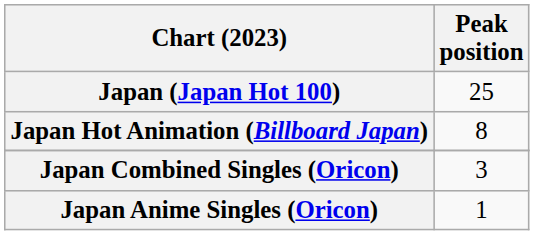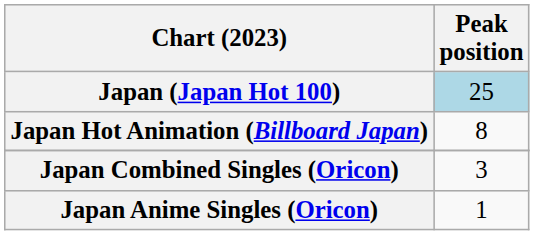 <table class="wikitable sortable plainrowheaders" style="text-align:center">
 <tr>
 <th scope="col">Chart (2023)</th>
 <th scope="col">Peak<br>position</th>
 </tr>
 <tr>
 <th scope="row">Japan (<a href='#'>Japan Hot 100</a>)</th>
-<td>25</td>
+<td style="background: lightblue;">25</td>
 </tr>
 <tr>
 <th scope="row">Japan Hot Animation (<em><a href='#'>Billboard Japan</a></em>)</th>
 <td>8</td>
 </tr>
 <tr>
 </tr>
 <tr>
 <th scope="row">Japan Combined Singles (<a href='#'>Oricon</a>)<br></th>
 <td>3</td>
 </tr>
 <tr>
 <th scope="row">Japan Anime Singles (<a href='#'>Oricon</a>)<br></th>
 <td>1</td>
 </tr>
 </table>
